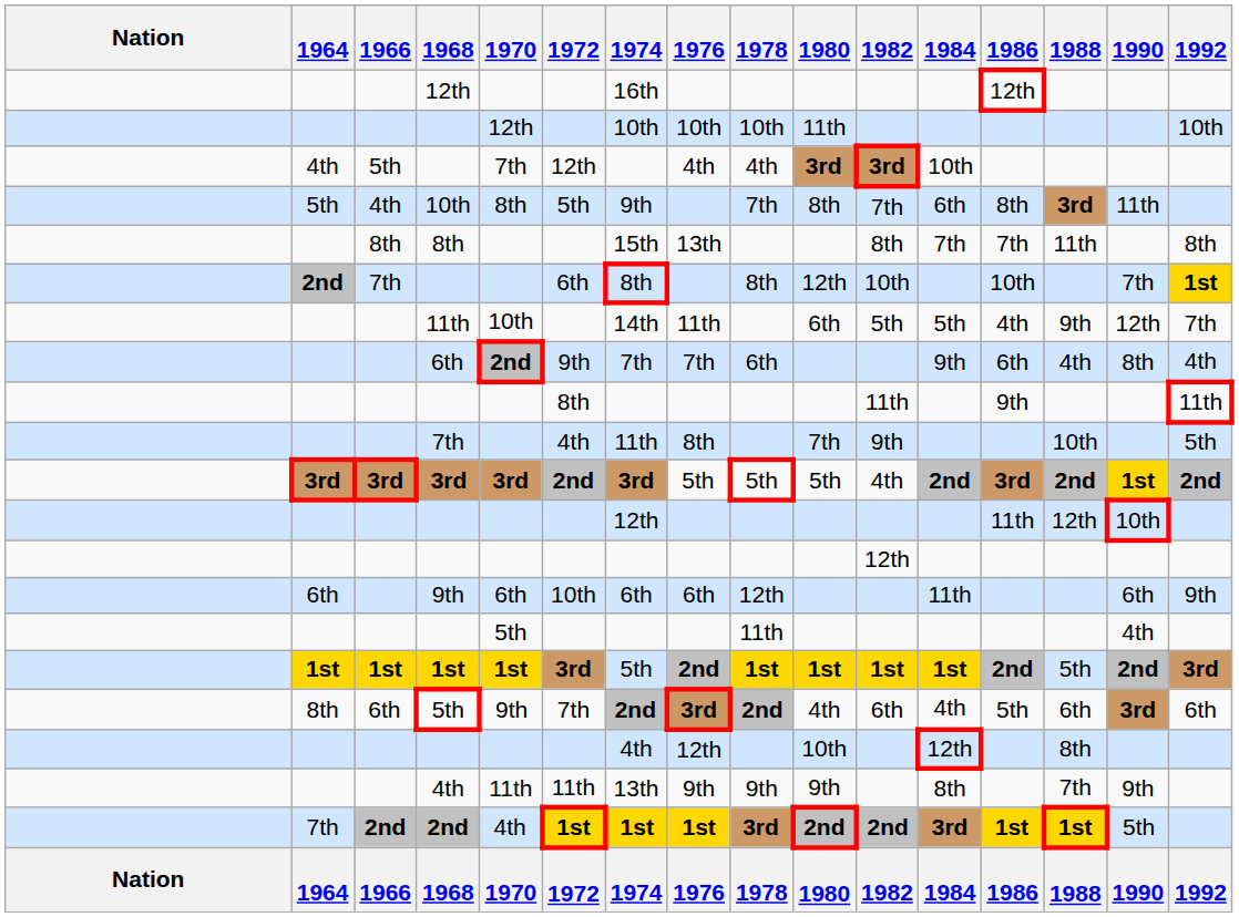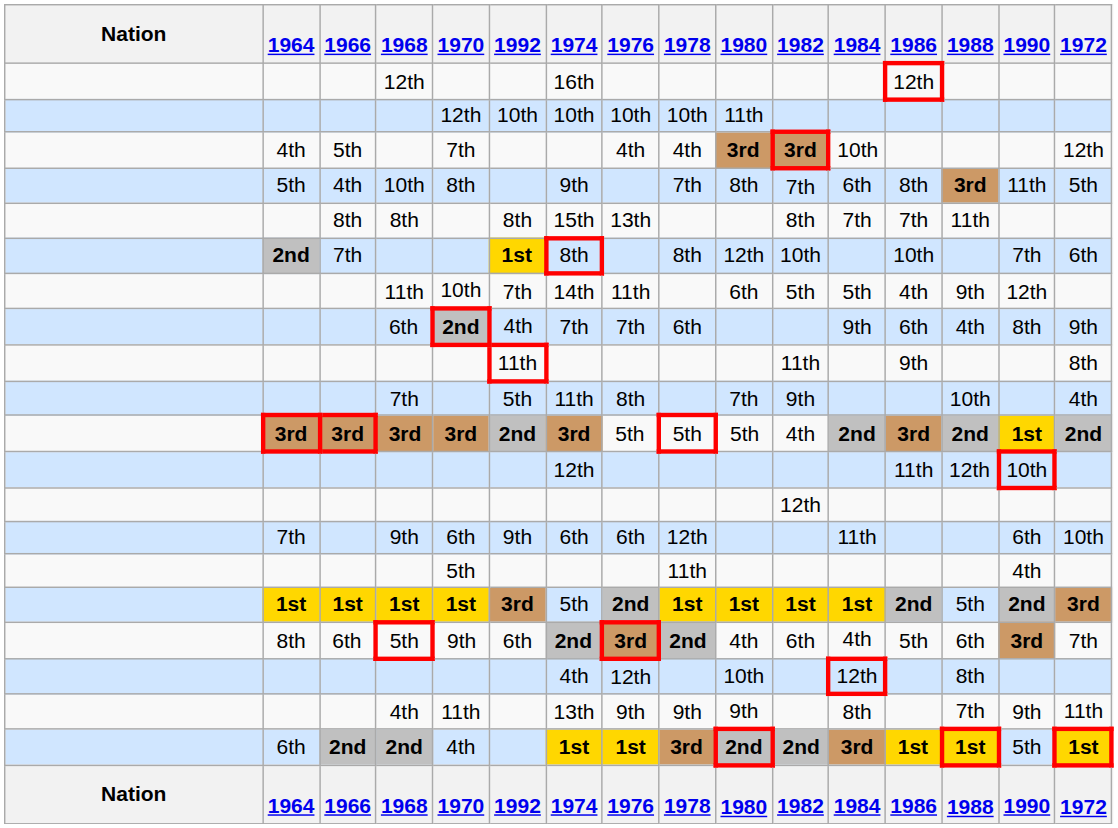 <table class="wikitable" style="text-align:center; font-size:90%">
 <tr>
 <th width=170>Nation</th>
 <th><br><a href='#'>1964</a></th>
 <th><br><a href='#'>1966</a></th>
 <th><br><a href='#'>1968</a></th>
 <th><br><a href='#'>1970</a></th>
-<th><br><a href='#'>1972</a></th>
+<th><br><a href='#'>1992</a></th>
 <th><br><a href='#'>1974</a></th>
 <th><br><a href='#'>1976</a></th>
 <th><br><a href='#'>1978</a></th>
 <th><br><a href='#'>1980</a></th>
 <th><br><a href='#'>1982</a></th>
 <th><br><a href='#'>1984</a></th>
 <th><br><a href='#'>1986</a></th>
 <th><br><a href='#'>1988</a></th>
 <th><br><a href='#'>1990</a></th>
-<th><br><a href='#'>1992</a></th>
+<th><br><a href='#'>1972</a></th>
 </tr>
 <tr>
 <td align=left></td>
 <td></td>
 <td></td>
 <td>12th</td>
 <td></td>
 <td></td>
 <td>16th</td>
 <td></td>
 <td></td>
 <td></td>
 <td></td>
 <td></td>
 <td style="border: 3px solid red">12th</td>
 <td></td>
 <td></td>
 <td></td>
 </tr>
 <tr style="background:#D0E6FF;">
 <td align=left></td>
 <td></td>
 <td></td>
 <td></td>
 <td>12th</td>
-<td></td>
+<td>10th</td>
 <td>10th</td>
 <td>10th</td>
 <td>10th</td>
 <td>11th</td>
 <td></td>
 <td></td>
 <td></td>
 <td></td>
 <td></td>
-<td>10th</td>
+<td></td>
 </tr>
 <tr>
 <td align="left"></td>
 <td>4th</td>
 <td>5th</td>
 <td></td>
 <td>7th</td>
-<td>12th</td>
+<td></td>
 <td></td>
 <td>4th</td>
 <td>4th</td>
 <td bgcolor="#cc9966"><strong>3rd</strong></td>
 <td style="border: 3px solid red" bgcolor="#cc9966"><strong>3rd</strong></td>
 <td>10th</td>
 <td></td>
 <td></td>
 <td></td>
-<td></td>
+<td>12th</td>
 </tr>
 <tr style="background:#D0E6FF;">
 <td align="left"><em></em></td>
 <td>5th</td>
 <td>4th</td>
 <td>10th</td>
 <td>8th</td>
-<td>5th</td>
+<td></td>
 <td>9th</td>
 <td></td>
 <td>7th</td>
 <td>8th</td>
 <td>7th</td>
 <td>6th</td>
 <td>8th</td>
 <td bgcolor="#cc9966"><strong>3rd</strong></td>
 <td>11th</td>
-<td></td>
+<td>5th</td>
 </tr>
 <tr>
 <td align="left"></td>
 <td></td>
 <td>8th</td>
 <td>8th</td>
 <td></td>
-<td></td>
+<td>8th</td>
 <td>15th</td>
 <td>13th</td>
 <td></td>
 <td></td>
 <td>8th</td>
 <td>7th</td>
 <td>7th</td>
 <td>11th</td>
 <td></td>
-<td>8th</td>
+<td></td>
 </tr>
 <tr style="background:#D0E6FF;">
 <td align="left"></td>
 <td bgcolor="silver"><strong>2nd</strong></td>
 <td>7th</td>
 <td></td>
 <td></td>
-<td>6th</td>
+<td bgcolor="gold"><strong>1st</strong></td>
 <td style="border: 3px solid red">8th</td>
 <td></td>
 <td>8th</td>
 <td>12th</td>
 <td>10th</td>
 <td></td>
 <td>10th</td>
 <td></td>
 <td>7th</td>
-<td bgcolor="gold"><strong>1st</strong></td>
+<td>6th</td>
 </tr>
 <tr>
 <td align="left"></td>
 <td></td>
 <td></td>
 <td>11th</td>
 <td>10th</td>
-<td></td>
+<td>7th</td>
 <td>14th</td>
 <td>11th</td>
 <td></td>
 <td>6th</td>
 <td>5th</td>
 <td>5th</td>
 <td>4th</td>
 <td>9th</td>
 <td>12th</td>
-<td>7th</td>
+<td></td>
 </tr>
 <tr style="background:#D0E6FF;">
 <td align="left"></td>
 <td></td>
 <td></td>
 <td>6th</td>
 <td style="border: 3px solid red" bgcolor="silver"><strong>2nd</strong></td>
-<td>9th</td>
+<td>4th</td>
 <td>7th</td>
 <td>7th</td>
 <td>6th</td>
 <td></td>
 <td></td>
 <td>9th</td>
 <td>6th</td>
 <td>4th</td>
 <td>8th</td>
-<td>4th</td>
+<td>9th</td>
 </tr>
 <tr>
 <td align="left"></td>
 <td></td>
 <td></td>
 <td></td>
 <td></td>
-<td>8th</td>
+<td style="border: 3px solid red">11th</td>
 <td></td>
 <td></td>
 <td></td>
 <td></td>
 <td>11th</td>
 <td></td>
 <td>9th</td>
 <td></td>
 <td></td>
-<td style="border: 3px solid red">11th</td>
+<td>8th</td>
 </tr>
 <tr style="background:#D0E6FF;">
 <td align="left"></td>
 <td></td>
 <td></td>
 <td>7th</td>
 <td></td>
-<td>4th</td>
+<td>5th</td>
 <td>11th</td>
 <td>8th</td>
 <td></td>
 <td>7th</td>
 <td>9th</td>
 <td></td>
 <td></td>
 <td>10th</td>
 <td></td>
-<td>5th</td>
+<td>4th</td>
 </tr>
 <tr>
 <td align="left"></td>
 <td style="border: 3px solid red" bgcolor="#cc9966"><strong>3rd</strong></td>
 <td style="border: 3px solid red" bgcolor="#cc9966"><strong>3rd</strong></td>
 <td bgcolor="#cc9966"><strong>3rd</strong></td>
 <td bgcolor="#cc9966"><strong>3rd</strong></td>
 <td bgcolor="silver"><strong>2nd</strong></td>
 <td bgcolor="#cc9966"><strong>3rd</strong></td>
 <td>5th</td>
 <td style="border: 3px solid red">5th</td>
 <td>5th</td>
 <td>4th</td>
 <td bgcolor="silver"><strong>2nd</strong></td>
 <td bgcolor="#cc9966"><strong>3rd</strong></td>
 <td bgcolor="silver"><strong>2nd</strong></td>
 <td bgcolor="gold"><strong>1st</strong></td>
 <td bgcolor="silver"><strong>2nd</strong></td>
 </tr>
 <tr style="background:#D0E6FF;">
 <td align="left"></td>
 <td></td>
 <td></td>
 <td></td>
 <td></td>
 <td></td>
 <td>12th</td>
 <td></td>
 <td></td>
 <td></td>
 <td></td>
 <td></td>
 <td>11th</td>
 <td>12th</td>
 <td style="border: 3px solid red">10th</td>
 <td></td>
 </tr>
 <tr>
 <td align="left"></td>
 <td></td>
 <td></td>
 <td></td>
 <td></td>
 <td></td>
 <td></td>
 <td></td>
 <td></td>
 <td></td>
 <td>12th</td>
 <td></td>
 <td></td>
 <td></td>
 <td></td>
 <td></td>
 </tr>
 <tr style="background:#D0E6FF;">
 <td align="left"></td>
-<td>6th</td>
+<td>7th</td>
 <td></td>
 <td>9th</td>
 <td>6th</td>
-<td>10th</td>
+<td>9th</td>
 <td>6th</td>
 <td>6th</td>
 <td>12th</td>
 <td></td>
 <td></td>
 <td>11th</td>
 <td></td>
 <td></td>
 <td>6th</td>
-<td>9th</td>
+<td>10th</td>
 </tr>
 <tr>
 <td align="left"></td>
 <td></td>
 <td></td>
 <td></td>
 <td>5th</td>
 <td></td>
 <td></td>
 <td></td>
 <td>11th</td>
 <td></td>
 <td></td>
 <td></td>
 <td></td>
 <td></td>
 <td>4th</td>
 <td></td>
 </tr>
 <tr style="background:#D0E6FF;">
 <td align="left"><em></em></td>
 <td bgcolor="gold"><strong>1st</strong></td>
 <td bgcolor="gold"><strong>1st</strong></td>
 <td bgcolor="gold"><strong>1st</strong></td>
 <td bgcolor="gold"><strong>1st</strong></td>
 <td bgcolor="#cc9966"><strong>3rd</strong></td>
 <td>5th</td>
 <td bgcolor="silver"><strong>2nd</strong></td>
 <td bgcolor="gold"><strong>1st</strong></td>
 <td bgcolor="gold"><strong>1st</strong></td>
 <td bgcolor="gold"><strong>1st</strong></td>
 <td bgcolor="gold"><strong>1st</strong></td>
 <td bgcolor="silver"><strong>2nd</strong></td>
 <td>5th</td>
 <td bgcolor="silver"><strong>2nd</strong></td>
 <td bgcolor="#cc9966"><strong>3rd</strong></td>
 </tr>
 <tr>
 <td align="left"></td>
 <td>8th</td>
 <td>6th</td>
 <td style="border: 3px solid red">5th</td>
 <td>9th</td>
-<td>7th</td>
+<td>6th</td>
 <td bgcolor="silver"><strong>2nd</strong></td>
 <td style="border: 3px solid red" bgcolor="#cc9966"><strong>3rd</strong></td>
 <td bgcolor="silver"><strong>2nd</strong></td>
 <td>4th</td>
 <td>6th</td>
 <td>4th</td>
 <td>5th</td>
 <td>6th</td>
 <td bgcolor="#cc9966"><strong>3rd</strong></td>
-<td>6th</td>
+<td>7th</td>
 </tr>
 <tr style="background:#D0E6FF;">
 <td align="left"></td>
 <td></td>
 <td></td>
 <td></td>
 <td></td>
 <td></td>
 <td>4th</td>
 <td>12th</td>
 <td></td>
 <td>10th</td>
 <td></td>
 <td style="border: 3px solid red">12th</td>
 <td></td>
 <td>8th</td>
 <td></td>
 <td></td>
 </tr>
 <tr>
 <td align="left"></td>
 <td></td>
 <td></td>
 <td>4th</td>
 <td>11th</td>
-<td>11th</td>
+<td></td>
 <td>13th</td>
 <td>9th</td>
 <td>9th</td>
 <td>9th</td>
 <td></td>
 <td>8th</td>
 <td></td>
 <td>7th</td>
 <td>9th</td>
-<td></td>
+<td>11th</td>
 </tr>
 <tr style="background:#D0E6FF;">
 <td align="left"><em></em></td>
-<td>7th</td>
+<td>6th</td>
 <td bgcolor="silver"><strong>2nd</strong></td>
 <td bgcolor="silver"><strong>2nd</strong></td>
 <td>4th</td>
-<td style="border: 3px solid red" bgcolor="gold"><strong>1st</strong></td>
+<td></td>
 <td bgcolor="gold"><strong>1st</strong></td>
 <td bgcolor="gold"><strong>1st</strong></td>
 <td bgcolor="#cc9966"><strong>3rd</strong></td>
 <td style="border: 3px solid red" bgcolor="silver"><strong>2nd</strong></td>
 <td bgcolor="silver"><strong>2nd</strong></td>
 <td bgcolor="#cc9966"><strong>3rd</strong></td>
 <td bgcolor="gold"><strong>1st</strong></td>
 <td style="border: 3px solid red" bgcolor="gold"><strong>1st</strong></td>
 <td>5th</td>
-<td></td>
+<td style="border: 3px solid red" bgcolor="gold"><strong>1st</strong></td>
 </tr>
 <tr>
 <th>Nation</th>
 <th><br><a href='#'>1964</a></th>
 <th><br><a href='#'>1966</a></th>
 <th><br><a href='#'>1968</a></th>
 <th><br><a href='#'>1970</a></th>
-<th><br><a href='#'>1972</a></th>
+<th><br><a href='#'>1992</a></th>
 <th><br><a href='#'>1974</a></th>
 <th><br><a href='#'>1976</a></th>
 <th><br><a href='#'>1978</a></th>
 <th><br><a href='#'>1980</a></th>
 <th><br><a href='#'>1982</a></th>
 <th><br><a href='#'>1984</a></th>
 <th><br><a href='#'>1986</a></th>
 <th><br><a href='#'>1988</a></th>
 <th><br><a href='#'>1990</a></th>
-<th><br><a href='#'>1992</a></th>
+<th><br><a href='#'>1972</a></th>
 </tr>
 </table>
